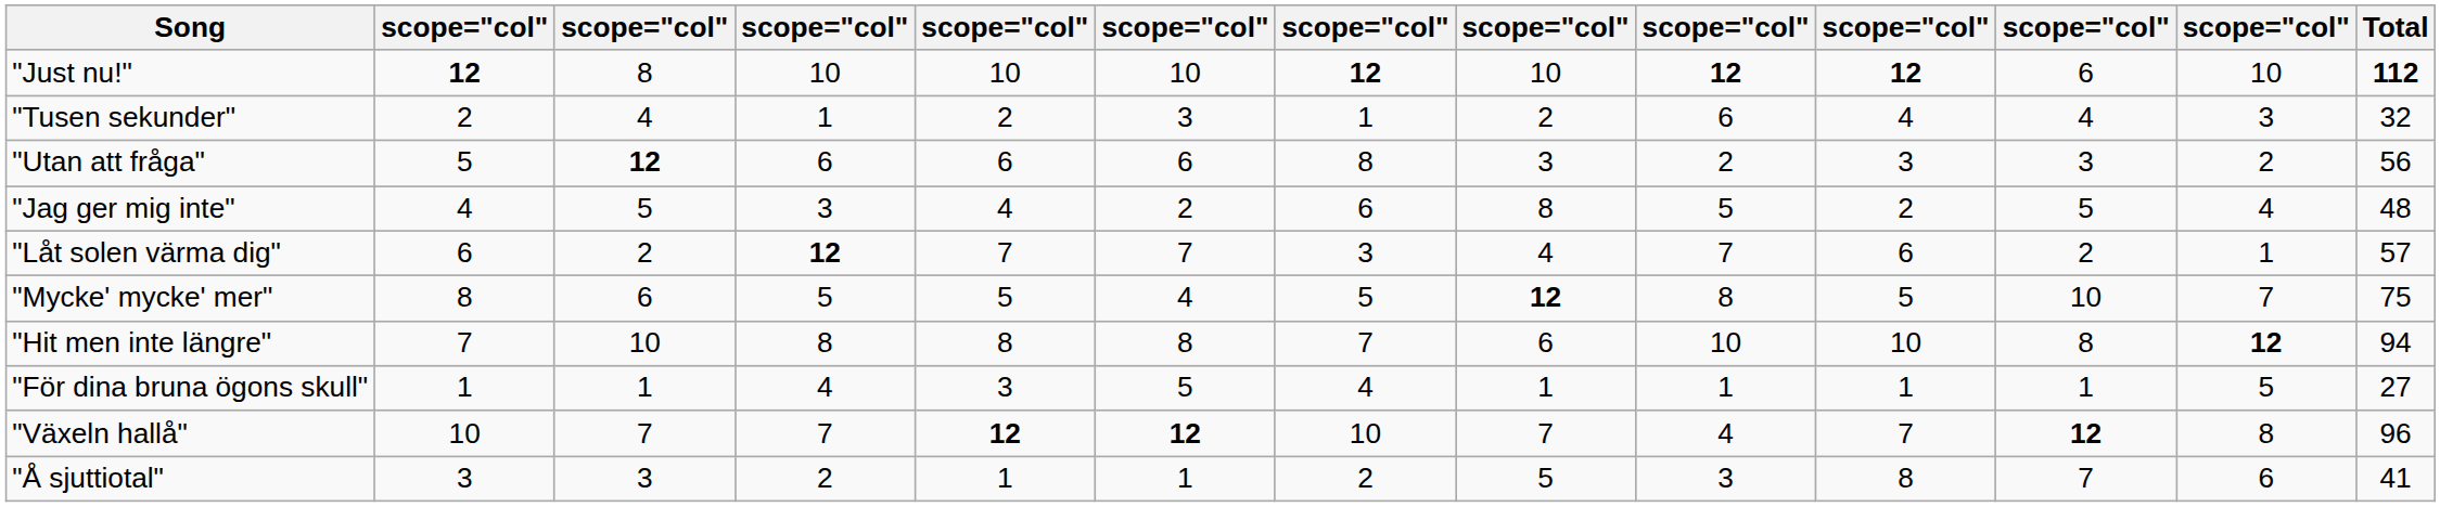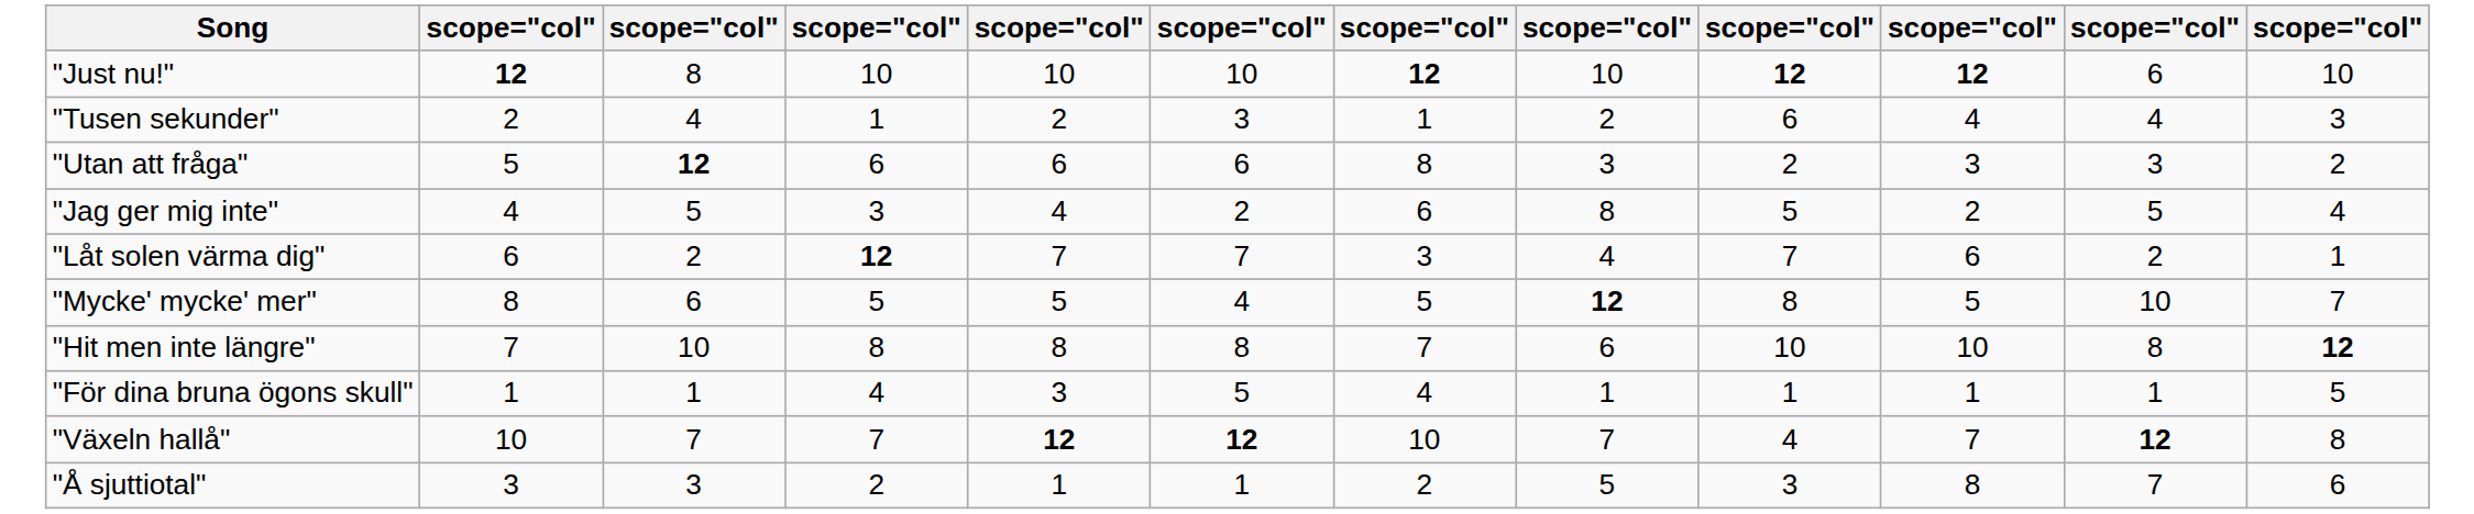 <table class="wikitable plainrowheaders" style="margin: 1em auto 1em auto; text-align:center;">
 <tr>
 <th scope="col">Song</th>
 <th>scope="col" </th>
 <th>scope="col" </th>
 <th>scope="col" </th>
 <th>scope="col" </th>
 <th>scope="col" </th>
 <th>scope="col" </th>
 <th>scope="col" </th>
 <th>scope="col" </th>
 <th>scope="col" </th>
 <th>scope="col" </th>
 <th>scope="col" </th>
-<th scope="col">Total</th>
 </tr>
 <tr --->
 <td align="left">"Just nu!"</td>
 <td><strong>12</strong></td>
 <td>8</td>
 <td>10</td>
 <td>10</td>
 <td>10</td>
 <td><strong>12</strong></td>
 <td>10</td>
 <td><strong>12</strong></td>
 <td><strong>12</strong></td>
 <td>6</td>
 <td>10</td>
-<td><strong>112</strong></td>
 </tr>
 <tr --->
 <td align="left">"Tusen sekunder"</td>
 <td>2</td>
 <td>4</td>
 <td>1</td>
 <td>2</td>
 <td>3</td>
 <td>1</td>
 <td>2</td>
 <td>6</td>
 <td>4</td>
 <td>4</td>
 <td>3</td>
-<td>32</td>
 </tr>
 <tr --->
 <td align="left">"Utan att fråga"</td>
 <td>5</td>
 <td><strong>12</strong></td>
 <td>6</td>
 <td>6</td>
 <td>6</td>
 <td>8</td>
 <td>3</td>
 <td>2</td>
 <td>3</td>
 <td>3</td>
 <td>2</td>
-<td>56</td>
 </tr>
 <tr --->
 <td align="left">"Jag ger mig inte"</td>
 <td>4</td>
 <td>5</td>
 <td>3</td>
 <td>4</td>
 <td>2</td>
 <td>6</td>
 <td>8</td>
 <td>5</td>
 <td>2</td>
 <td>5</td>
 <td>4</td>
-<td>48</td>
 </tr>
 <tr --->
 <td align="left">"Låt solen värma dig"</td>
 <td>6</td>
 <td>2</td>
 <td><strong>12</strong></td>
 <td>7</td>
 <td>7</td>
 <td>3</td>
 <td>4</td>
 <td>7</td>
 <td>6</td>
 <td>2</td>
 <td>1</td>
-<td>57</td>
 </tr>
 <tr --->
 <td align="left">"Mycke' mycke' mer"</td>
 <td>8</td>
 <td>6</td>
 <td>5</td>
 <td>5</td>
 <td>4</td>
 <td>5</td>
 <td><strong>12</strong></td>
 <td>8</td>
 <td>5</td>
 <td>10</td>
 <td>7</td>
-<td>75</td>
 </tr>
 <tr --->
 <td align="left">"Hit men inte längre"</td>
 <td>7</td>
 <td>10</td>
 <td>8</td>
 <td>8</td>
 <td>8</td>
 <td>7</td>
 <td>6</td>
 <td>10</td>
 <td>10</td>
 <td>8</td>
 <td><strong>12</strong></td>
-<td>94</td>
 </tr>
 <tr --->
 <td align="left">"För dina bruna ögons skull"</td>
 <td>1</td>
 <td>1</td>
 <td>4</td>
 <td>3</td>
 <td>5</td>
 <td>4</td>
 <td>1</td>
 <td>1</td>
 <td>1</td>
 <td>1</td>
 <td>5</td>
-<td>27</td>
 </tr>
 <tr --->
 <td align="left">"Växeln hallå"</td>
 <td>10</td>
 <td>7</td>
 <td>7</td>
 <td><strong>12</strong></td>
 <td><strong>12</strong></td>
 <td>10</td>
 <td>7</td>
 <td>4</td>
 <td>7</td>
 <td><strong>12</strong></td>
 <td>8</td>
-<td>96</td>
 </tr>
 <tr --->
 <td align="left">"Å sjuttiotal"</td>
 <td>3</td>
 <td>3</td>
 <td>2</td>
 <td>1</td>
 <td>1</td>
 <td>2</td>
 <td>5</td>
 <td>3</td>
 <td>8</td>
 <td>7</td>
 <td>6</td>
-<td>41</td>
 </tr>
 </table>
